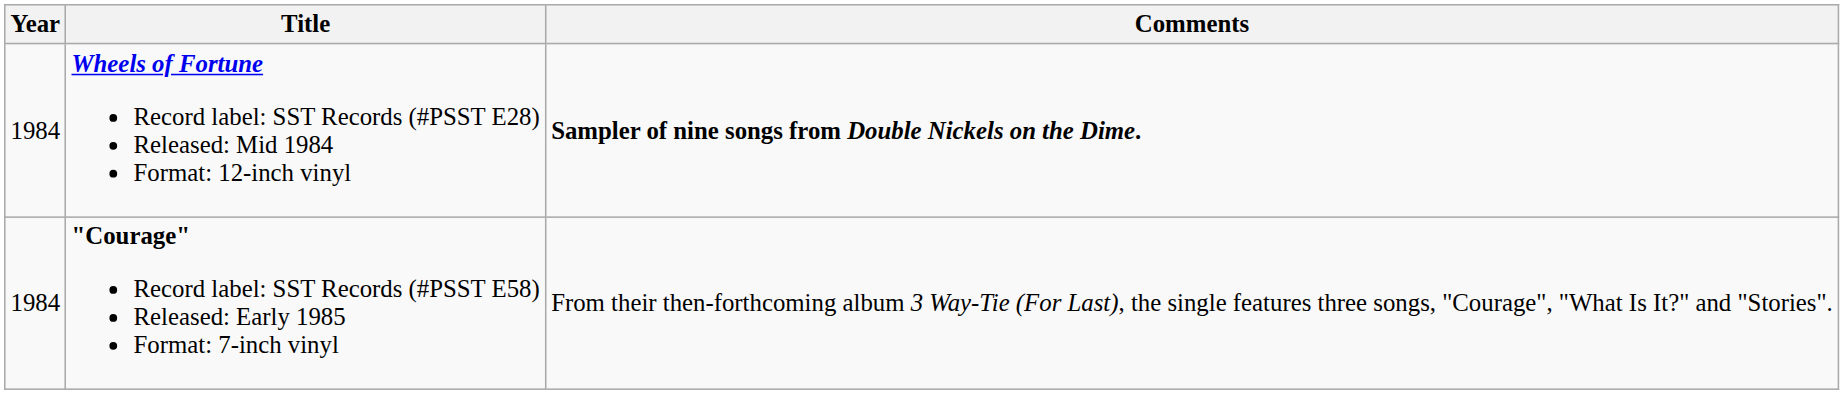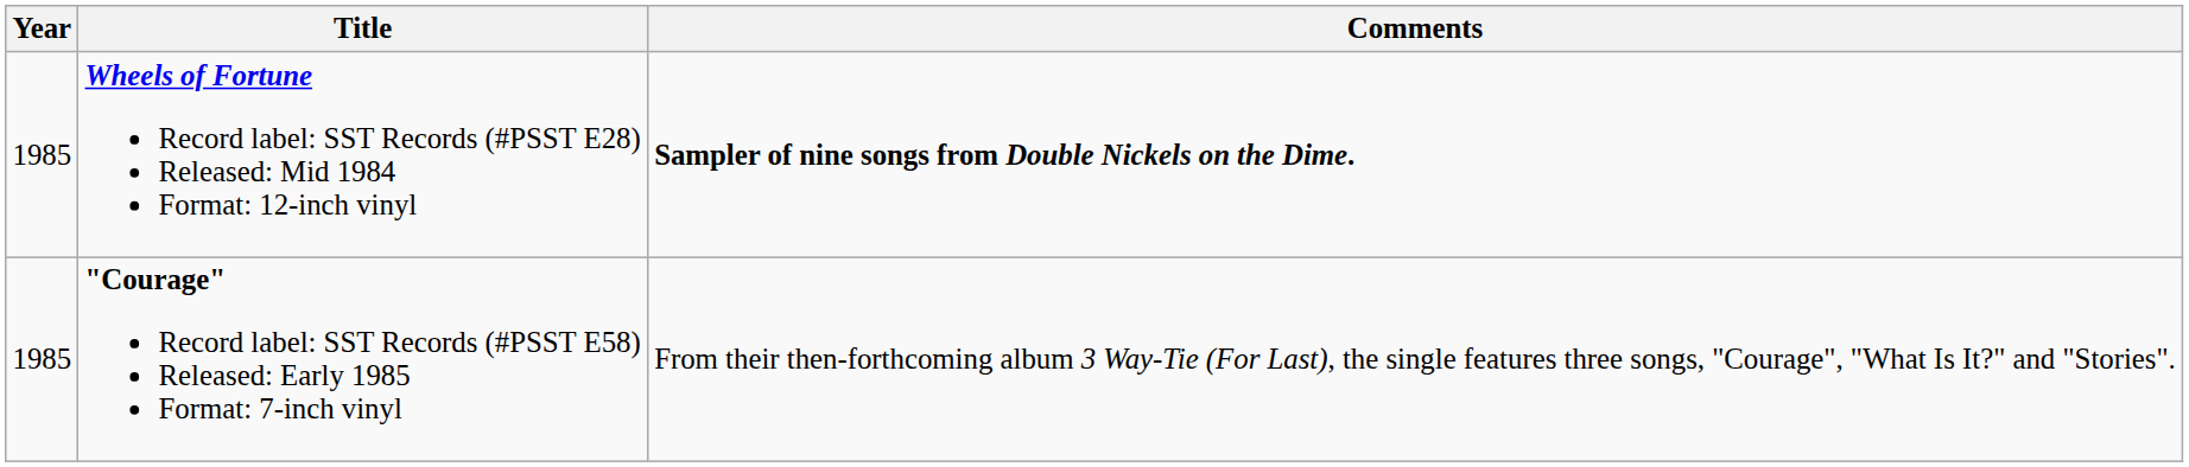 <table class="wikitable">
 <tr>
 <th>Year</th>
 <th>Title</th>
 <th>Comments</th>
 </tr>
 <tr>
-<td>1984</td>
+<td>1985</td>
 <td><strong><em><a href='#'>Wheels of Fortune</a></em></strong><br><ul><li>Record label: SST Records (#PSST E28)</li><li>Released: Mid 1984</li><li>Format: 12-inch vinyl</li></ul></td>
 <td><strong>Sampler of nine songs from <em>Double Nickels on the Dime</em>.</strong></td>
 </tr>
 <tr>
-<td>1984</td>
+<td>1985</td>
 <td><strong>"Courage"</strong><br><ul><li>Record label: SST Records (#PSST E58)</li><li>Released: Early 1985</li><li>Format: 7-inch vinyl</li></ul></td>
 <td>From their then-forthcoming album <em>3 Way-Tie (For Last)</em>, the single features three songs, "Courage", "What Is It?" and "Stories".</td>
 </tr>
 </table>
